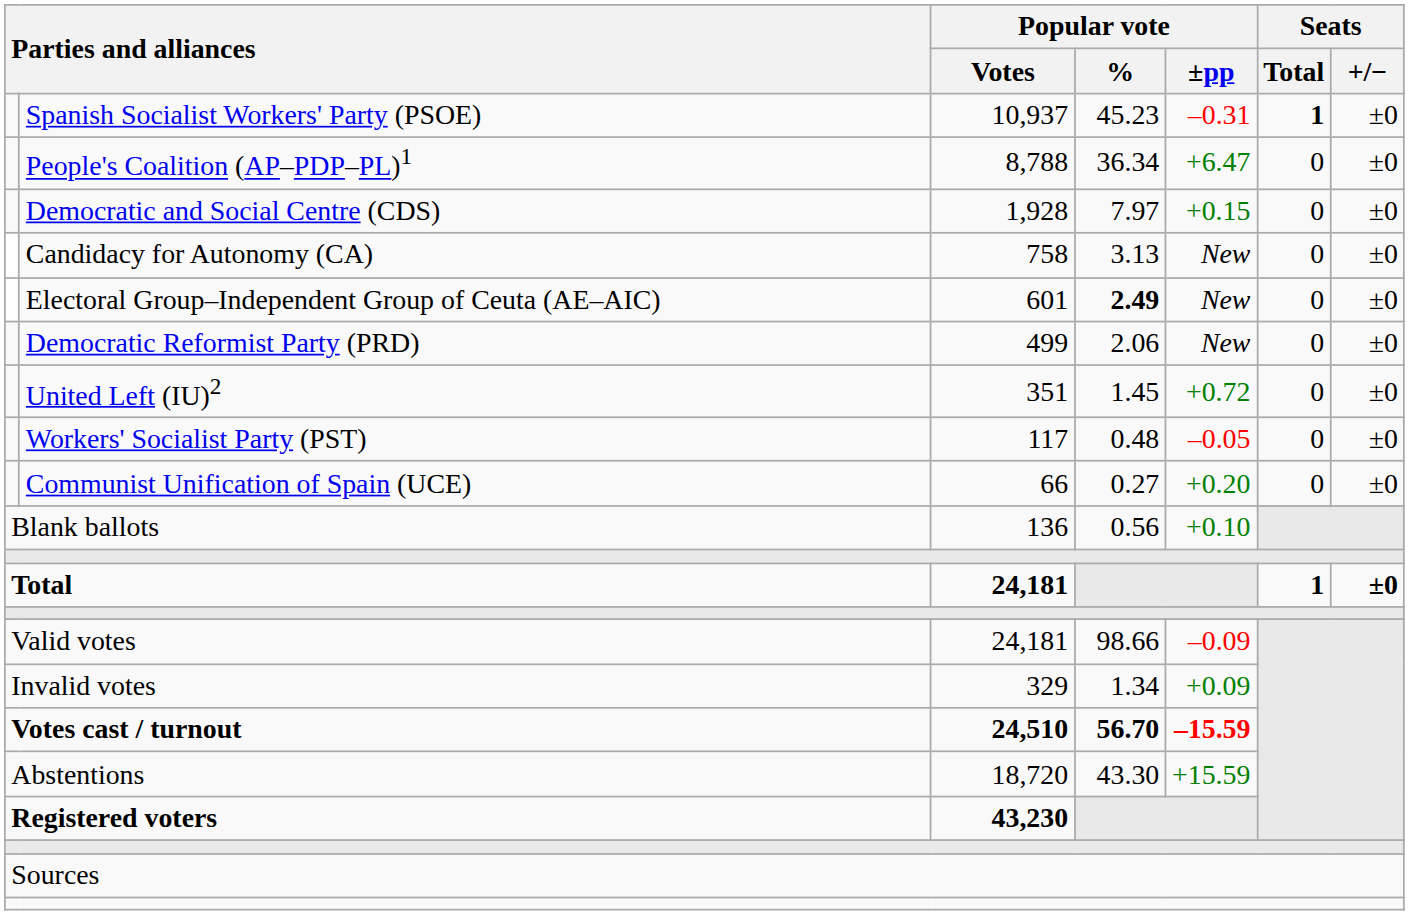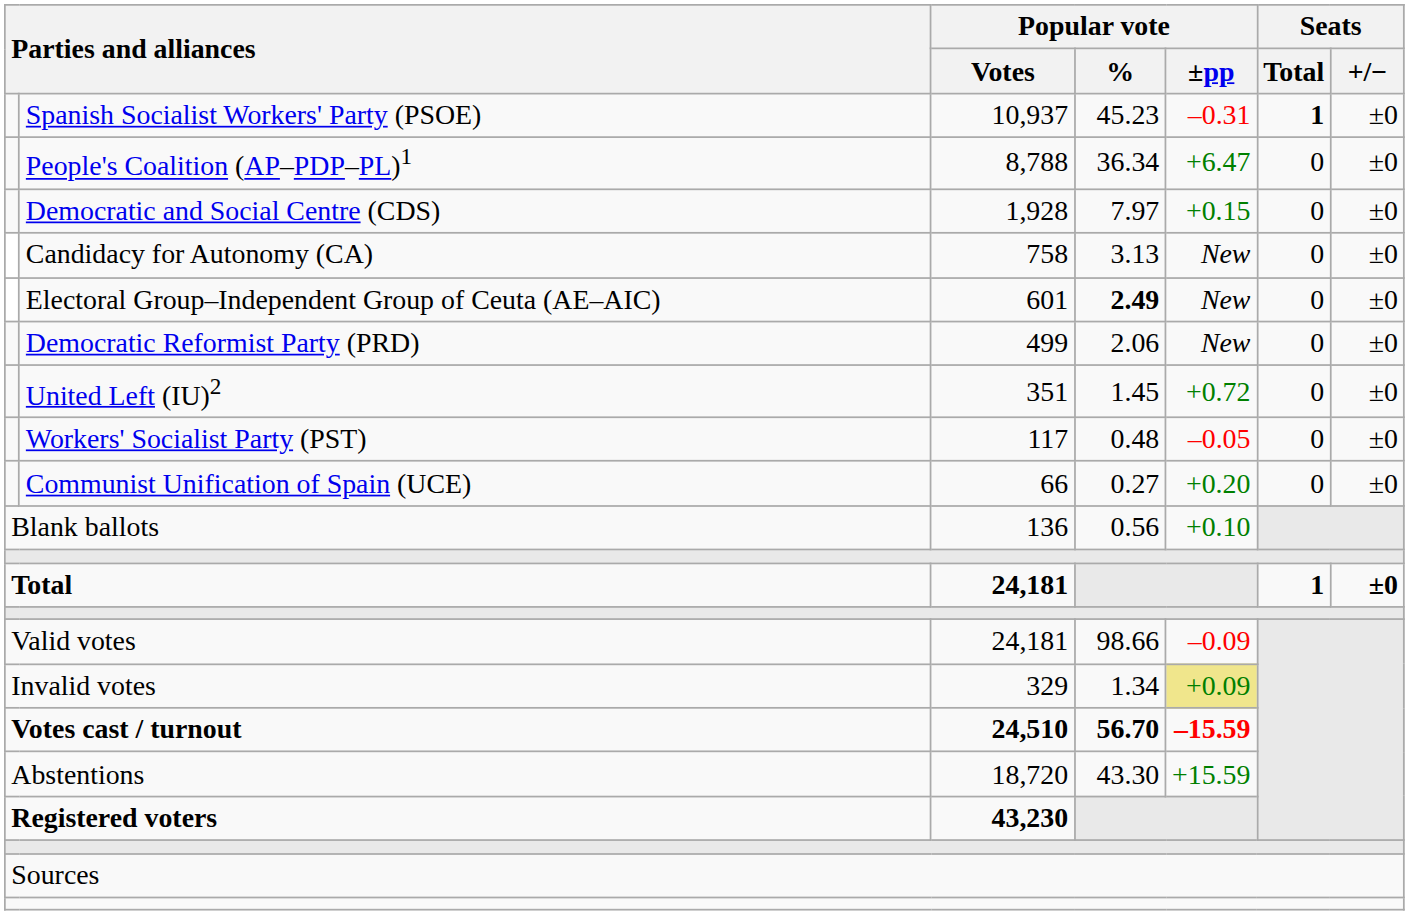 <table class="wikitable" style="text-align:right;">
 <tr>
 <th style="text-align:left;" rowspan="2" colspan="2" width="525">Parties and alliances</th>
 <th colspan="3">Popular vote</th>
 <th colspan="2">Seats</th>
 </tr>
 <tr>
 <th width="75">Votes</th>
 <th width="45">%</th>
 <th width="45">±<a href='#'>pp</a></th>
 <th width="35">Total</th>
 <th width="35">+/−</th>
 </tr>
 <tr>
 <td width="1" style="color:inherit;background:"></td>
 <td align="left"><a href='#'>Spanish Socialist Workers' Party</a> (PSOE)</td>
 <td>10,937</td>
 <td>45.23</td>
 <td style="color:red;">–0.31</td>
 <td><strong>1</strong></td>
 <td>±0</td>
 </tr>
 <tr>
 <td style="color:inherit;background:"></td>
 <td align="left"><a href='#'>People's Coalition</a> (<a href='#'>AP</a>–<a href='#'>PDP</a>–<a href='#'>PL</a>)<sup>1</sup></td>
 <td>8,788</td>
 <td>36.34</td>
 <td style="color:green;">+6.47</td>
 <td>0</td>
 <td>±0</td>
 </tr>
 <tr>
 <td style="color:inherit;background:"></td>
 <td align="left"><a href='#'>Democratic and Social Centre</a> (CDS)</td>
 <td>1,928</td>
 <td>7.97</td>
 <td style="color:green;">+0.15</td>
 <td>0</td>
 <td>±0</td>
 </tr>
 <tr>
 <td bgcolor="white"></td>
 <td align="left">Candidacy for Autonomy (CA)</td>
 <td>758</td>
 <td>3.13</td>
 <td><em>New</em></td>
 <td>0</td>
 <td>±0</td>
 </tr>
 <tr>
 <td bgcolor="white"></td>
 <td align="left">Electoral Group–Independent Group of Ceuta (AE–AIC)</td>
 <td>601</td>
 <td><strong>2.49</strong></td>
 <td><em>New</em></td>
 <td>0</td>
 <td>±0</td>
 </tr>
 <tr>
 <td style="color:inherit;background:"></td>
 <td align="left"><a href='#'>Democratic Reformist Party</a> (PRD)</td>
 <td>499</td>
 <td>2.06</td>
 <td><em>New</em></td>
 <td>0</td>
 <td>±0</td>
 </tr>
 <tr>
 <td style="color:inherit;background:"></td>
 <td align="left"><a href='#'>United Left</a> (IU)<sup>2</sup></td>
 <td>351</td>
 <td>1.45</td>
 <td style="color:green;">+0.72</td>
 <td>0</td>
 <td>±0</td>
 </tr>
 <tr>
 <td style="color:inherit;background:"></td>
 <td align="left"><a href='#'>Workers' Socialist Party</a> (PST)</td>
 <td>117</td>
 <td>0.48</td>
 <td style="color:red;">–0.05</td>
 <td>0</td>
 <td>±0</td>
 </tr>
 <tr>
 <td style="color:inherit;background:"></td>
 <td align="left"><a href='#'>Communist Unification of Spain</a> (UCE)</td>
 <td>66</td>
 <td>0.27</td>
 <td style="color:green;">+0.20</td>
 <td>0</td>
 <td>±0</td>
 </tr>
 <tr>
 <td align="left" colspan="2">Blank ballots</td>
 <td>136</td>
 <td>0.56</td>
 <td style="color:green;">+0.10</td>
 <td bgcolor="#E9E9E9" colspan="2"></td>
 </tr>
 <tr>
 <td colspan="7" bgcolor="#E9E9E9"></td>
 </tr>
 <tr style="font-weight:bold;">
 <td align="left" colspan="2">Total</td>
 <td>24,181</td>
 <td bgcolor="#E9E9E9" colspan="2"></td>
 <td>1</td>
 <td>±0</td>
 </tr>
 <tr>
 <td colspan="7" bgcolor="#E9E9E9"></td>
 </tr>
 <tr>
 <td align="left" colspan="2">Valid votes</td>
 <td>24,181</td>
 <td>98.66</td>
 <td style="color:red;">–0.09</td>
 <td bgcolor="#E9E9E9" colspan="2" rowspan="5"></td>
 </tr>
 <tr>
 <td align="left" colspan="2">Invalid votes</td>
 <td>329</td>
 <td>1.34</td>
-<td style="color:green;">+0.09</td>
+<td style="background: khaki; color:green;">+0.09</td>
 </tr>
 <tr style="font-weight:bold;">
 <td align="left" colspan="2">Votes cast / turnout</td>
 <td>24,510</td>
 <td>56.70</td>
 <td style="color:red;">–15.59</td>
 </tr>
 <tr>
 <td align="left" colspan="2">Abstentions</td>
 <td>18,720</td>
 <td>43.30</td>
 <td style="color:green;">+15.59</td>
 </tr>
 <tr style="font-weight:bold;">
 <td align="left" colspan="2">Registered voters</td>
 <td>43,230</td>
 <td bgcolor="#E9E9E9" colspan="2"></td>
 </tr>
 <tr>
 <td colspan="7" bgcolor="#E9E9E9"></td>
 </tr>
 <tr>
 <td align="left" colspan="7">Sources</td>
 </tr>
 <tr>
 <td colspan="7" style="text-align:left; max-width:790px;"></td>
 </tr>
 </table>
